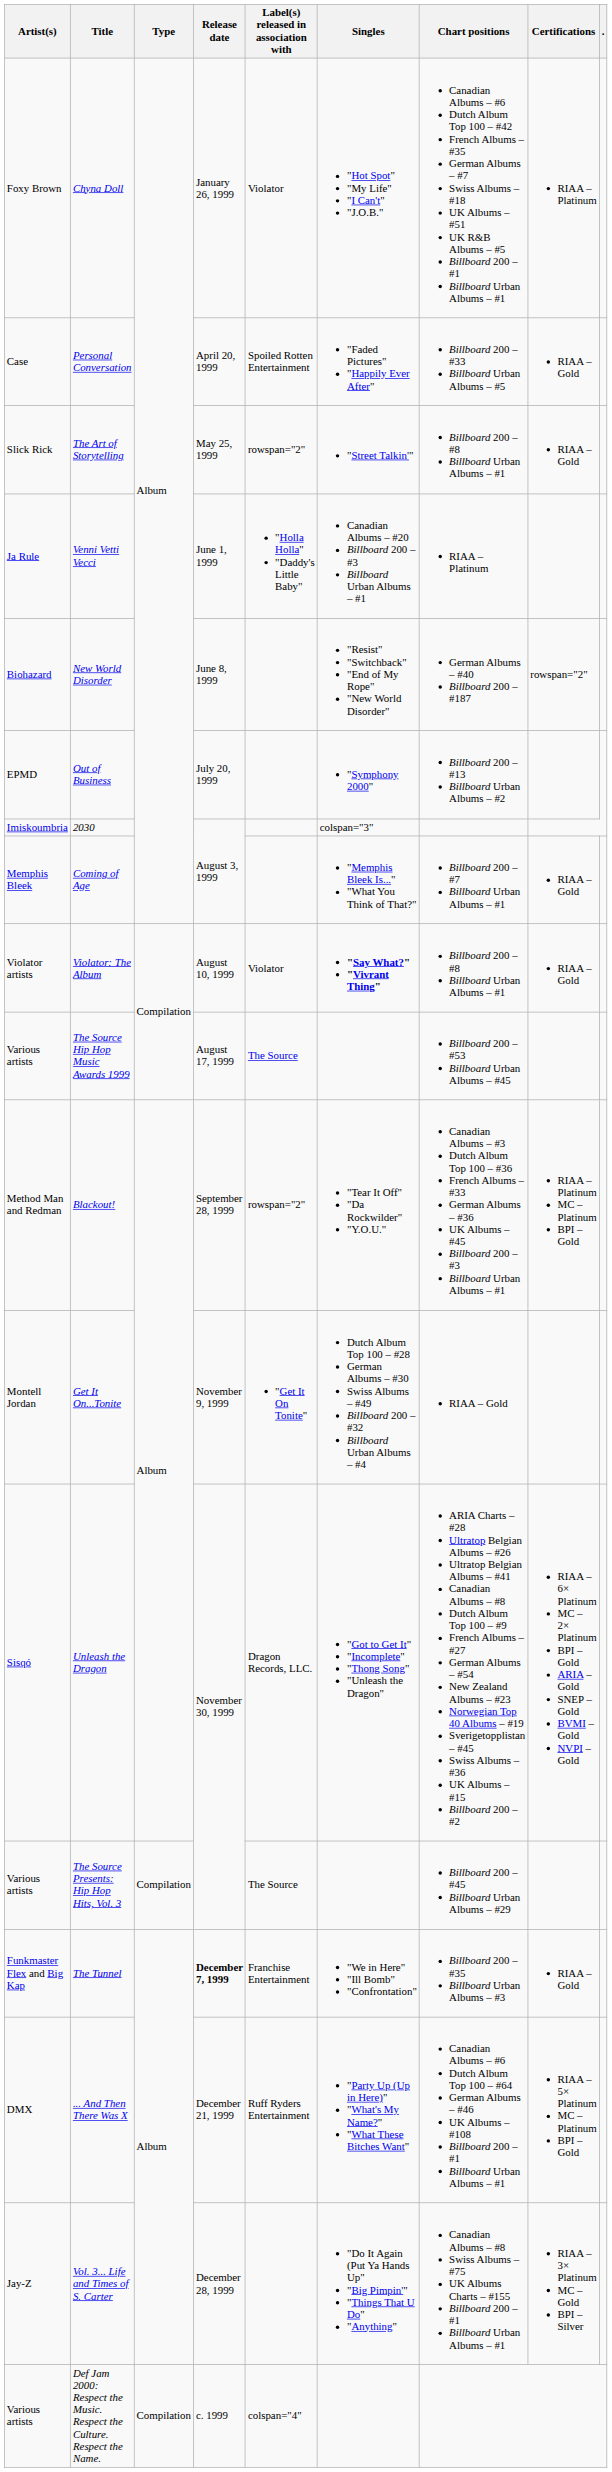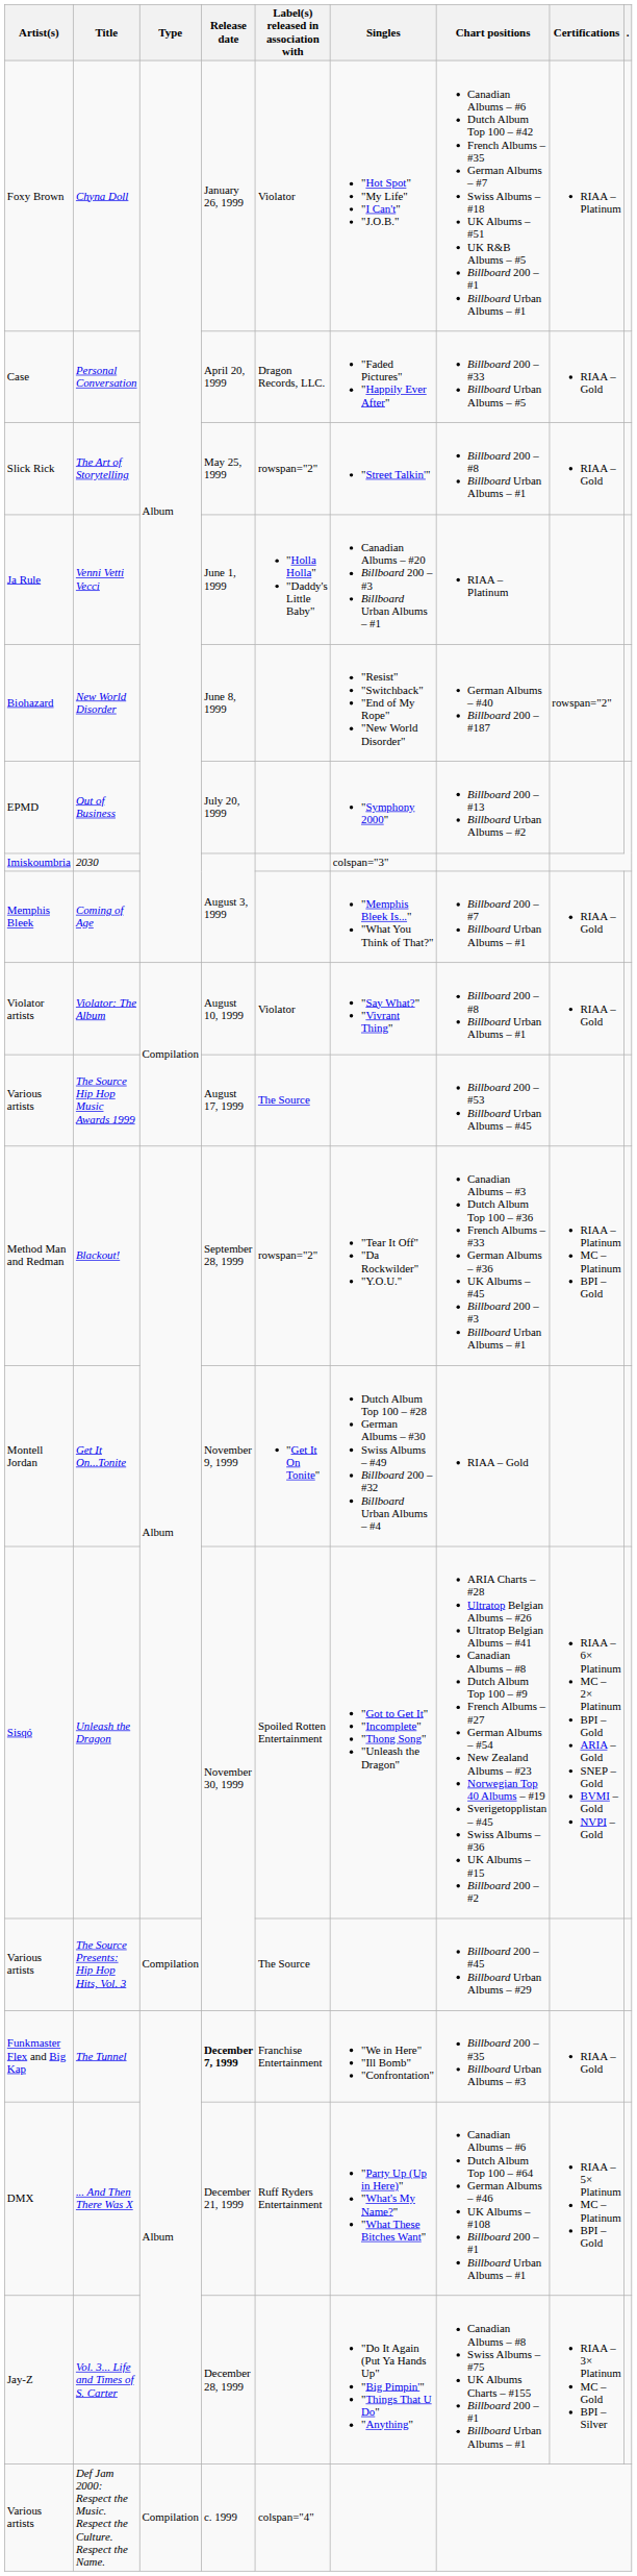 <table class="wikitable">
 <tr>
 <th>Artist(s)</th>
 <th>Title</th>
 <th>Type</th>
 <th>Release date</th>
 <th>Label(s) released in association with</th>
 <th>Singles</th>
 <th>Chart positions</th>
 <th>Certifications</th>
 <th>.</th>
 </tr>
 <tr>
 <td>Foxy Brown</td>
 <td><a href='#'><em>Chyna Doll</em></a></td>
 <td rowspan="8">Album</td>
 <td>January 26, 1999</td>
 <td>Violator</td>
 <td><br><ul><li>"<a href='#'>Hot Spot</a>"</li><li>"My Life"</li><li>"<a href='#'>I Can't</a>"</li><li>"J.O.B."</li></ul></td>
 <td><br><ul><li>Canadian Albums – #6</li><li>Dutch Album Top 100 – #42</li><li>French Albums – #35</li><li>German Albums – #7</li><li>Swiss Albums – #18</li><li>UK Albums – #51</li><li>UK R&B Albums – #5</li><li><em>Billboard</em> 200 – #1</li><li><em>Billboard</em> Urban Albums – #1</li></ul></td>
 <td><br><ul><li>RIAA – Platinum</li></ul></td>
 <td></td>
 </tr>
 <tr>
 <td>Case</td>
 <td><em><a href='#'>Personal Conversation</a></em></td>
 <td>April 20, 1999</td>
-<td>Spoiled Rotten Entertainment</td>
+<td>Dragon Records, LLC.</td>
 <td><br><ul><li>"Faded Pictures"</li><li>"<a href='#'>Happily Ever After</a>"</li></ul></td>
 <td><br><ul><li><em>Billboard</em> 200 – #33</li><li><em>Billboard</em> Urban Albums – #5</li></ul></td>
 <td><br><ul><li>RIAA – Gold</li></ul></td>
 <td></td>
 </tr>
 <tr>
 <td>Slick Rick</td>
 <td><em><a href='#'>The Art of Storytelling</a></em></td>
 <td>May 25, 1999</td>
 <td>rowspan="2" </td>
 <td><br><ul><li>"<a href='#'>Street Talkin'</a>"</li></ul></td>
 <td><br><ul><li><em>Billboard</em> 200 – #8</li><li><em>Billboard</em> Urban Albums – #1</li></ul></td>
 <td><br><ul><li>RIAA – Gold</li></ul></td>
 <td></td>
 </tr>
 <tr>
 <td><a href='#'>Ja Rule</a></td>
 <td><em><a href='#'>Venni Vetti Vecci</a></em></td>
 <td>June 1, 1999</td>
 <td><br><ul><li>"<a href='#'>Holla Holla</a>"</li><li>"Daddy's Little Baby"</li></ul></td>
 <td><br><ul><li>Canadian Albums – #20</li><li><em>Billboard</em> 200 – #3</li><li><em>Billboard</em> Urban Albums – #1</li></ul></td>
 <td><br><ul><li>RIAA – Platinum</li></ul></td>
 <td></td>
 </tr>
 <tr>
 <td><a href='#'>Biohazard</a></td>
 <td><a href='#'><em>New World Disorder</em></a></td>
 <td>June 8, 1999</td>
 <td></td>
 <td><br><ul><li>"Resist"</li><li>"Switchback"</li><li>"End of My Rope"</li><li>"New World Disorder"</li></ul></td>
 <td><br><ul><li>German Albums – #40</li><li><em>Billboard</em> 200 – #187</li></ul></td>
 <td>rowspan="2" </td>
 <td></td>
 </tr>
 <tr>
 <td>EPMD</td>
 <td><em><a href='#'>Out of Business</a></em></td>
 <td>July 20, 1999</td>
 <td></td>
 <td><br><ul><li>"<a href='#'>Symphony 2000</a>"</li></ul></td>
 <td><br><ul><li><em>Billboard</em> 200 – #13</li><li><em>Billboard</em> Urban Albums – #2</li></ul></td>
 <td></td>
 </tr>
 <tr>
 <td><a href='#'>Imiskoumbria</a></td>
 <td><em>2030</em></td>
 <td rowspan="2">August 3, 1999</td>
 <td></td>
 <td>colspan="3" </td>
 <td></td>
 </tr>
 <tr>
 <td><a href='#'>Memphis Bleek</a></td>
 <td><a href='#'><em>Coming of Age</em></a></td>
 <td></td>
 <td><br><ul><li>"<a href='#'>Memphis Bleek Is...</a>"</li><li>"What You Think of That?"</li></ul></td>
 <td><br><ul><li><em>Billboard</em> 200 – #7</li><li><em>Billboard</em> Urban Albums – #1</li></ul></td>
 <td><br><ul><li>RIAA – Gold</li></ul></td>
 <td></td>
 </tr>
 <tr>
 <td>Violator artists</td>
 <td><em><a href='#'>Violator: The Album</a></em></td>
 <td rowspan="2">Compilation</td>
 <td>August 10, 1999</td>
 <td>Violator</td>
-<td><strong><br><ul><li>"<a href='#'>Say What?</a>"</li><li>"<a href='#'>Vivrant Thing</a>"</li></ul></strong></td>
+<td><br><ul><li>"<a href='#'>Say What?</a>"</li><li>"<a href='#'>Vivrant Thing</a>"</li></ul></td>
 <td><br><ul><li><em>Billboard</em> 200 – #8</li><li><em>Billboard</em> Urban Albums – #1</li></ul></td>
 <td><br><ul><li>RIAA – Gold</li></ul></td>
 <td></td>
 </tr>
 <tr>
 <td>Various artists</td>
 <td><em><a href='#'>The Source Hip Hop Music Awards 1999</a></em></td>
 <td>August 17, 1999</td>
 <td><a href='#'>The Source</a></td>
 <td></td>
 <td><br><ul><li><em>Billboard</em> 200 – #53</li><li><em>Billboard</em> Urban Albums – #45</li></ul></td>
 <td></td>
 <td></td>
 </tr>
 <tr>
 <td>Method Man and Redman</td>
 <td><a href='#'><em>Blackout!</em></a></td>
 <td rowspan="3">Album</td>
 <td>September 28, 1999</td>
 <td>rowspan="2" </td>
 <td><br><ul><li>"Tear It Off"</li><li>"Da Rockwilder"</li><li>"Y.O.U."</li></ul></td>
 <td><br><ul><li>Canadian Albums – #3</li><li>Dutch Album Top 100 – #36</li><li>French Albums – #33</li><li>German Albums – #36</li><li>UK Albums – #45</li><li><em>Billboard</em> 200 – #3</li><li><em>Billboard</em> Urban Albums – #1</li></ul></td>
 <td><br><ul><li>RIAA – Platinum</li><li>MC – Platinum</li><li>BPI – Gold</li></ul></td>
 <td></td>
 </tr>
 <tr>
 <td>Montell Jordan</td>
 <td><em><a href='#'>Get It On...Tonite</a></em></td>
 <td>November 9, 1999</td>
 <td><br><ul><li>"<a href='#'>Get It On Tonite</a>"</li></ul></td>
 <td><br><ul><li>Dutch Album Top 100 – #28</li><li>German Albums – #30</li><li>Swiss Albums – #49</li><li><em>Billboard</em> 200 – #32</li><li><em>Billboard</em> Urban Albums – #4</li></ul></td>
 <td><br><ul><li>RIAA – Gold</li></ul></td>
 <td></td>
 </tr>
 <tr>
 <td><a href='#'>Sisqó</a></td>
 <td><em><a href='#'>Unleash the Dragon</a></em></td>
 <td rowspan="2">November 30, 1999</td>
-<td>Dragon Records, LLC.</td>
+<td>Spoiled Rotten Entertainment</td>
 <td><br><ul><li>"<a href='#'>Got to Get It</a>"</li><li>"<a href='#'>Incomplete</a>"</li><li>"<a href='#'>Thong Song</a>"</li><li>"Unleash the Dragon"</li></ul></td>
 <td><br><ul><li>ARIA Charts – #28</li><li><a href='#'>Ultratop</a> Belgian Albums  – #26</li><li>Ultratop Belgian Albums  – #41</li><li>Canadian Albums – #8</li><li>Dutch Album Top 100 – #9</li><li>French Albums – #27</li><li>German Albums – #54</li><li>New Zealand Albums – #23</li><li><a href='#'>Norwegian Top 40 Albums</a> – #19</li><li>Sverigetopplistan – #45</li><li>Swiss Albums – #36</li><li>UK Albums – #15</li><li><em>Billboard</em> 200 – #2</li></ul></td>
 <td><br><ul><li>RIAA – 6× Platinum</li><li>MC – 2× Platinum</li><li>BPI – Gold</li><li><a href='#'>ARIA</a> – Gold</li><li>SNEP – Gold</li><li><a href='#'>BVMI</a> – Gold</li><li><a href='#'>NVPI</a> – Gold</li></ul></td>
 <td></td>
 </tr>
 <tr>
 <td>Various artists</td>
 <td><em><a href='#'>The Source Presents: Hip Hop Hits, Vol. 3</a></em></td>
 <td>Compilation</td>
 <td>The Source</td>
 <td></td>
 <td><br><ul><li><em>Billboard</em> 200 – #45</li><li><em>Billboard</em> Urban Albums – #29</li></ul></td>
 <td></td>
 <td></td>
 </tr>
 <tr>
 <td><a href='#'>Funkmaster Flex</a> and <a href='#'>Big Kap</a></td>
 <td><a href='#'><em>The Tunnel</em></a></td>
 <td rowspan="3">Album</td>
 <td><strong>December 7, 1999</strong></td>
 <td>Franchise Entertainment</td>
 <td><br><ul><li>"We in Here"</li><li>"Ill Bomb"</li><li>"Confrontation"</li></ul></td>
 <td><br><ul><li><em>Billboard</em> 200 – #35</li><li><em>Billboard</em> Urban Albums – #3</li></ul></td>
 <td><br><ul><li>RIAA – Gold</li></ul></td>
 <td></td>
 </tr>
 <tr>
 <td>DMX</td>
 <td><em><a href='#'>... And Then There Was X</a></em></td>
 <td>December 21, 1999</td>
 <td>Ruff Ryders Entertainment</td>
 <td><br><ul><li>"<a href='#'>Party Up (Up in Here)</a>"</li><li>"<a href='#'>What's My Name?</a>"</li><li>"<a href='#'>What These Bitches Want</a>"</li></ul></td>
 <td><br><ul><li>Canadian Albums – #6</li><li>Dutch Album Top 100 – #64</li><li>German Albums – #46</li><li>UK Albums – #108</li><li><em>Billboard</em> 200 – #1</li><li><em>Billboard</em> Urban Albums – #1</li></ul></td>
 <td><br><ul><li>RIAA – 5× Platinum</li><li>MC – Platinum</li><li>BPI – Gold</li></ul></td>
 <td></td>
 </tr>
 <tr>
 <td>Jay-Z</td>
 <td><em><a href='#'>Vol. 3... Life and Times of S. Carter</a></em></td>
 <td>December 28, 1999</td>
 <td></td>
 <td><br><ul><li>"Do It Again (Put Ya Hands Up"</li><li>"<a href='#'>Big Pimpin'</a>"</li><li>"<a href='#'>Things That U Do</a>"</li><li>"<a href='#'>Anything</a>" </li></ul></td>
 <td><br><ul><li>Canadian Albums – #8</li><li>Swiss Albums – #75</li><li>UK Albums Charts – #155</li><li><em>Billboard</em> 200 – #1</li><li><em>Billboard</em> Urban Albums – #1</li></ul></td>
 <td><br><ul><li>RIAA – 3× Platinum</li><li>MC – Gold</li><li>BPI – Silver</li></ul></td>
 <td></td>
 </tr>
 <tr>
 <td>Various artists</td>
 <td><em>Def Jam 2000: Respect the Music. Respect the Culture. Respect the Name.</em></td>
 <td>Compilation</td>
 <td>c. 1999</td>
 <td>colspan="4" </td>
 <td></td>
 </tr>
 </table>
